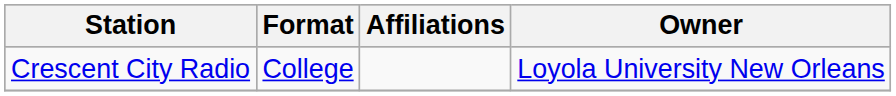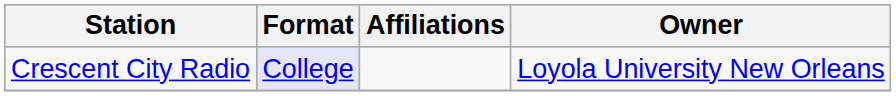 <table class="wikitable">
 <tr>
 <th>Station</th>
 <th>Format</th>
 <th>Affiliations</th>
 <th>Owner</th>
 </tr>
 <tr>
 <td><a href='#'>Crescent City Radio</a></td>
-<td><a href='#'>College</a></td>
+<td style="background: lavender;"><a href='#'>College</a></td>
 <td></td>
 <td><a href='#'>Loyola University New Orleans</a></td>
 </tr>
 <tr>
 </tr>
 </table>
